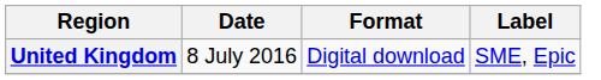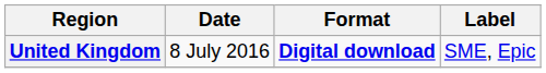 <table class="wikitable plainrowheaders">
 <tr>
 <th scope="col">Region</th>
 <th scope="col">Date</th>
 <th scope="col">Format</th>
 <th scope="col">Label</th>
 </tr>
 <tr>
 <th scope="row"><a href='#'>United Kingdom</a></th>
 <td>8 July 2016</td>
-<td><a href='#'>Digital download</a></td>
+<td><strong><a href='#'>Digital download</a></strong></td>
 <td><a href='#'>SME</a>, <a href='#'>Epic</a></td>
 </tr>
 <tr>
 </tr>
 </table>
